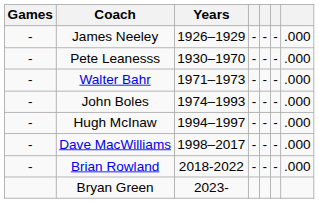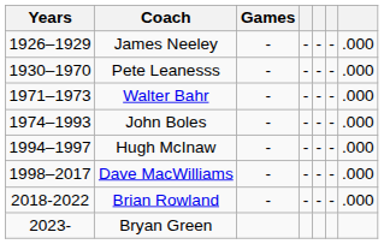 <table class="wikitable" style="text-align:center">
 <tr>
+<th>Years</th>
+<th>Coach</th>
 <th>Games</th>
-<th>Coach</th>
-<th>Years</th>
 <th></th>
 <th></th>
 <th></th>
 <th></th>
 </tr>
 <tr>
+<td>1926–1929</td>
+<td>James Neeley</td>
 <td>-</td>
-<td>James Neeley</td>
-<td>1926–1929</td>
 <td>-</td>
 <td>-</td>
 <td>-</td>
 <td>.000</td>
 </tr>
 <tr>
+<td>1930–1970</td>
+<td>Pete Leanesss</td>
 <td>-</td>
-<td>Pete Leanesss</td>
-<td>1930–1970</td>
 <td>-</td>
 <td>-</td>
 <td>-</td>
 <td>.000</td>
 </tr>
 <tr>
+<td>1971–1973</td>
+<td><a href='#'>Walter Bahr</a></td>
 <td>-</td>
-<td><a href='#'>Walter Bahr</a></td>
-<td>1971–1973</td>
 <td>-</td>
 <td>-</td>
 <td>-</td>
 <td>.000</td>
 </tr>
 <tr>
+<td>1974–1993</td>
+<td>John Boles</td>
 <td>-</td>
-<td>John Boles</td>
-<td>1974–1993</td>
 <td>-</td>
 <td>-</td>
 <td>-</td>
 <td>.000</td>
 </tr>
 <tr>
+<td>1994–1997</td>
+<td>Hugh McInaw</td>
 <td>-</td>
-<td>Hugh McInaw</td>
-<td>1994–1997</td>
 <td>-</td>
 <td>-</td>
 <td>-</td>
 <td>.000</td>
 </tr>
 <tr>
+<td>1998–2017</td>
+<td><a href='#'>Dave MacWilliams</a></td>
 <td>-</td>
-<td><a href='#'>Dave MacWilliams</a></td>
-<td>1998–2017</td>
 <td>-</td>
 <td>-</td>
 <td>-</td>
 <td>.000</td>
 </tr>
 <tr>
+<td>2018-2022</td>
+<td><a href='#'>Brian Rowland</a></td>
 <td>-</td>
-<td><a href='#'>Brian Rowland</a></td>
-<td>2018-2022</td>
 <td>-</td>
 <td>-</td>
 <td>-</td>
 <td>.000</td>
 </tr>
 <tr>
+<td>2023-</td>
+<td>Bryan Green</td>
 <td></td>
-<td>Bryan Green</td>
-<td>2023-</td>
 <td></td>
 <td></td>
 <td></td>
 <td></td>
 </tr>
 </table>
